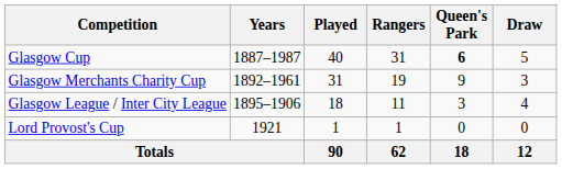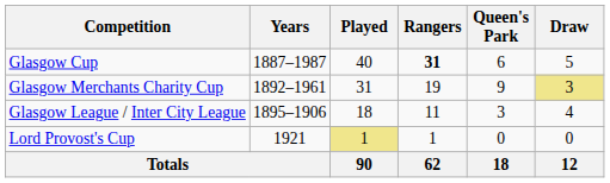 <table class="wikitable sortable" style="text-align:center font-size:80%">
 <tr>
 <th>Competition</th>
 <th>Years</th>
 <th width=60>Played</th>
 <th width=60>Rangers</th>
 <th width=60>Queen's Park</th>
 <th width=60>Draw</th>
 </tr>
 <tr>
 <td align=left><a href='#'>Glasgow Cup</a></td>
 <td align=center>1887–1987</td>
 <td align=center>40</td>
-<td align=center>31</td>
-<td align=center><strong>6</strong></td>
+<td align=center><strong>31</strong></td>
+<td align=center>6</td>
 <td align=center>5</td>
 </tr>
 <tr>
 <td align=left><a href='#'>Glasgow Merchants Charity Cup</a></td>
 <td align=center>1892–1961</td>
 <td align=center>31</td>
 <td align=center>19</td>
 <td align=center>9</td>
-<td align=center>3</td>
+<td align=center style="background: khaki;">3</td>
 </tr>
 <tr>
 <td align=left><a href='#'>Glasgow League</a> / <a href='#'>Inter City League</a></td>
 <td align=center>1895–1906</td>
 <td align=center>18</td>
 <td align=center>11</td>
 <td align=center>3</td>
 <td align=center>4</td>
 </tr>
 <tr>
 <td align=left><a href='#'>Lord Provost's Cup</a></td>
 <td align=center>1921</td>
-<td align=center>1</td>
+<td align=center style="background: khaki;">1</td>
 <td align=center>1</td>
 <td align=center>0</td>
 <td align=center>0</td>
 </tr>
 <tr class="sortbottom">
 <th colspan=2 align=left>Totals</th>
 <th>90</th>
 <th>62</th>
 <th>18</th>
 <th>12</th>
 </tr>
 </table>
